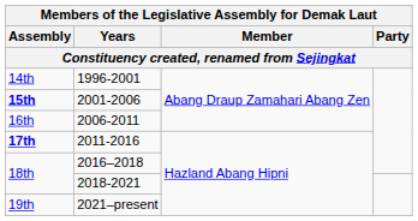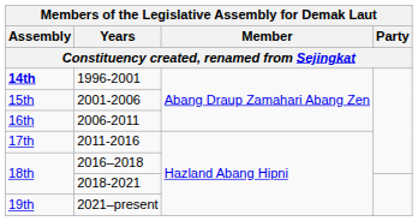 <table class=wikitable>
 <tr>
 <th colspan=5>Members of the Legislative Assembly for Demak Laut</th>
 </tr>
 <tr>
 <th>Assembly</th>
 <th>Years</th>
 <th>Member</th>
 <th>Party</th>
 </tr>
 <tr>
 <th colspan=4 align=center><em>Constituency created, renamed from <a href='#'>Sejingkat</a></em></th>
 </tr>
 <tr>
-<td><a href='#'>14th</a></td>
+<td><strong><a href='#'>14th</a></strong></td>
 <td>1996-2001</td>
 <td rowspan=3><a href='#'>Abang Draup Zamahari Abang Zen</a></td>
 <td rowspan=5></td>
 </tr>
 <tr>
-<td><strong><a href='#'>15th</a></strong></td>
+<td><a href='#'>15th</a></td>
 <td>2001-2006</td>
 </tr>
 <tr>
 <td><a href='#'>16th</a></td>
 <td>2006-2011</td>
 </tr>
 <tr>
-<td><strong><a href='#'>17th</a></strong></td>
+<td><a href='#'>17th</a></td>
 <td>2011-2016</td>
 <td rowspan="4"><a href='#'>Hazland Abang Hipni</a></td>
 </tr>
 <tr>
 <td rowspan=2><a href='#'>18th</a></td>
 <td>2016–2018</td>
 </tr>
 <tr>
 <td>2018-2021</td>
 <td rowspan="2"></td>
 </tr>
 <tr>
 <td><a href='#'>19th</a></td>
 <td>2021–present</td>
 </tr>
 </table>
